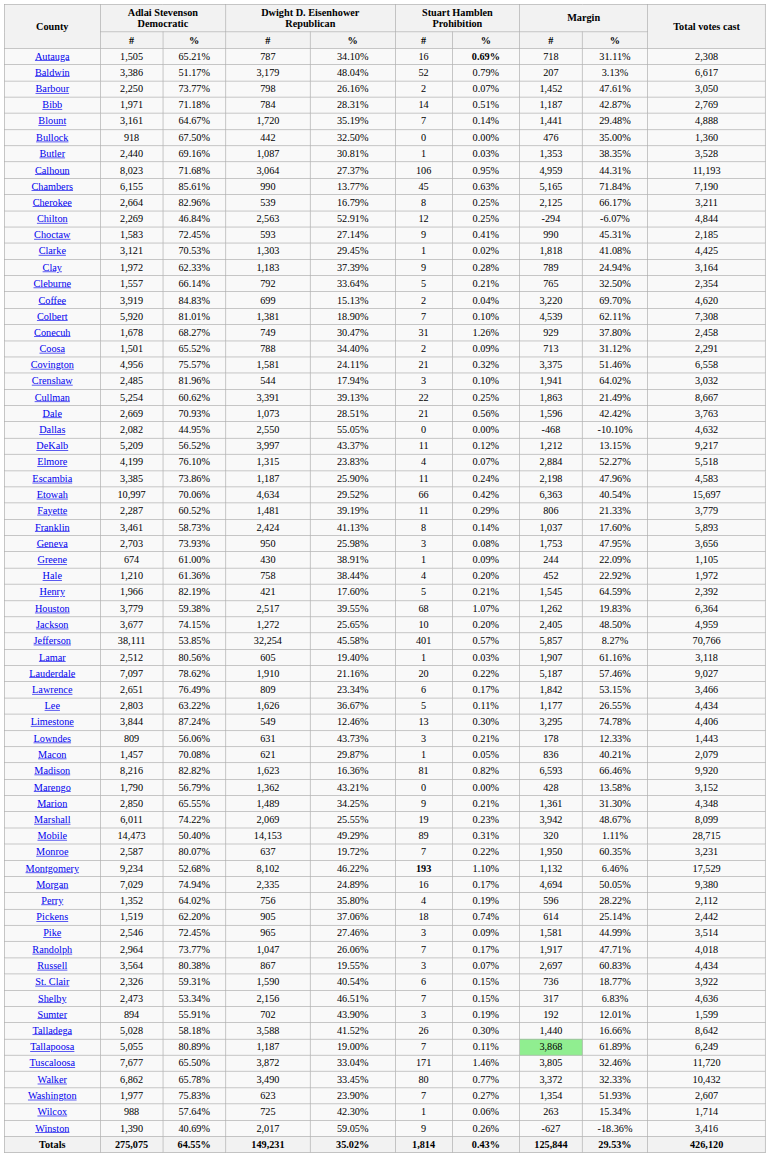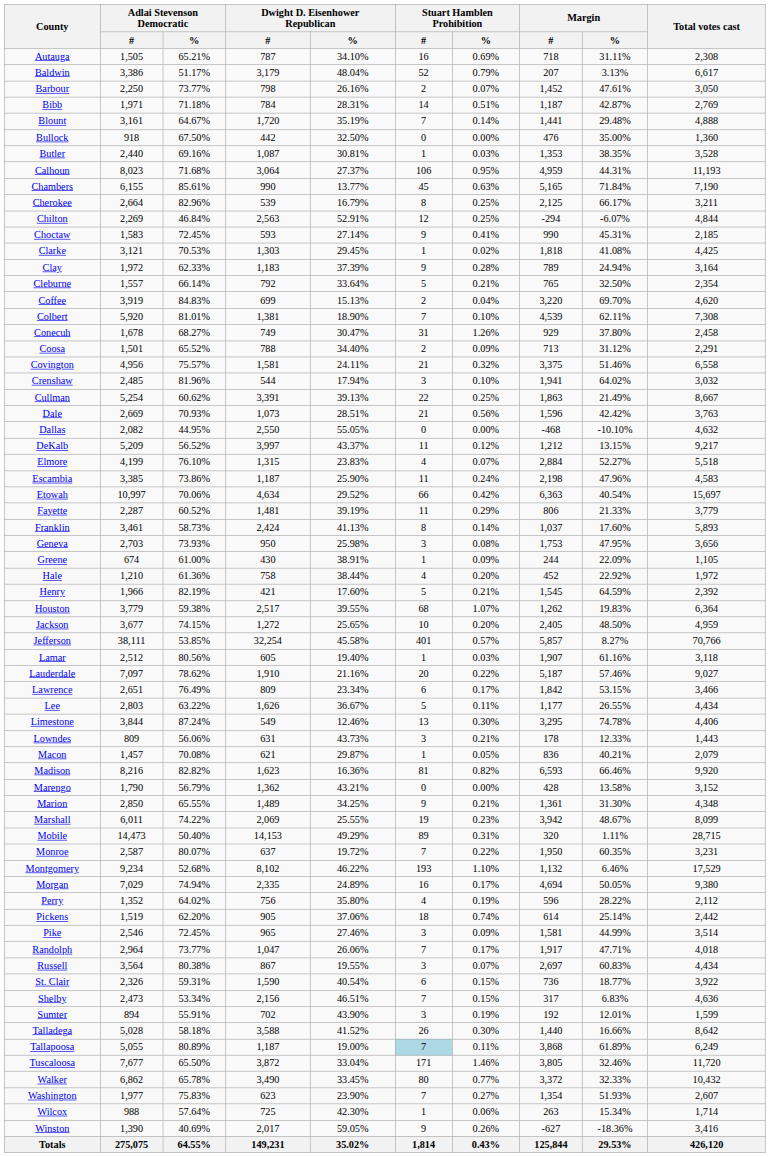 <table width="60%" class="wikitable sortable">
 <tr>
 <th rowspan="2">County</th>
 <th colspan="2">Adlai Stevenson<br>Democratic</th>
 <th colspan="2">Dwight D. Eisenhower<br>Republican</th>
 <th colspan="2">Stuart Hamblen<br>Prohibition</th>
 <th colspan="2">Margin</th>
 <th rowspan="2">Total votes cast</th>
 </tr>
 <tr>
 <th style="text-align:center;" data-sort-type="number">#</th>
 <th style="text-align:center;" data-sort-type="number">%</th>
 <th style="text-align:center;" data-sort-type="number">#</th>
 <th style="text-align:center;" data-sort-type="number">%</th>
 <th style="text-align:center;" data-sort-type="number">#</th>
 <th style="text-align:center;" data-sort-type="number">%</th>
 <th style="text-align:center;" data-sort-type="number">#</th>
 <th style="text-align:center;" data-sort-type="number">%</th>
 </tr>
 <tr style="text-align:center;">
 <td><a href='#'>Autauga</a></td>
 <td>1,505</td>
 <td>65.21%</td>
 <td>787</td>
 <td>34.10%</td>
 <td>16</td>
-<td><strong>0.69%</strong></td>
+<td>0.69%</td>
 <td>718</td>
 <td>31.11%</td>
 <td>2,308</td>
 </tr>
 <tr style="text-align:center;">
 <td><a href='#'>Baldwin</a></td>
 <td>3,386</td>
 <td>51.17%</td>
 <td>3,179</td>
 <td>48.04%</td>
 <td>52</td>
 <td>0.79%</td>
 <td>207</td>
 <td>3.13%</td>
 <td>6,617</td>
 </tr>
 <tr style="text-align:center;">
 <td><a href='#'>Barbour</a></td>
 <td>2,250</td>
 <td>73.77%</td>
 <td>798</td>
 <td>26.16%</td>
 <td>2</td>
 <td>0.07%</td>
 <td>1,452</td>
 <td>47.61%</td>
 <td>3,050</td>
 </tr>
 <tr style="text-align:center;">
 <td><a href='#'>Bibb</a></td>
 <td>1,971</td>
 <td>71.18%</td>
 <td>784</td>
 <td>28.31%</td>
 <td>14</td>
 <td>0.51%</td>
 <td>1,187</td>
 <td>42.87%</td>
 <td>2,769</td>
 </tr>
 <tr style="text-align:center;">
 <td><a href='#'>Blount</a></td>
 <td>3,161</td>
 <td>64.67%</td>
 <td>1,720</td>
 <td>35.19%</td>
 <td>7</td>
 <td>0.14%</td>
 <td>1,441</td>
 <td>29.48%</td>
 <td>4,888</td>
 </tr>
 <tr style="text-align:center;">
 <td><a href='#'>Bullock</a></td>
 <td>918</td>
 <td>67.50%</td>
 <td>442</td>
 <td>32.50%</td>
 <td>0</td>
 <td>0.00%</td>
 <td>476</td>
 <td>35.00%</td>
 <td>1,360</td>
 </tr>
 <tr style="text-align:center;">
 <td><a href='#'>Butler</a></td>
 <td>2,440</td>
 <td>69.16%</td>
 <td>1,087</td>
 <td>30.81%</td>
 <td>1</td>
 <td>0.03%</td>
 <td>1,353</td>
 <td>38.35%</td>
 <td>3,528</td>
 </tr>
 <tr style="text-align:center;">
 <td><a href='#'>Calhoun</a></td>
 <td>8,023</td>
 <td>71.68%</td>
 <td>3,064</td>
 <td>27.37%</td>
 <td>106</td>
 <td>0.95%</td>
 <td>4,959</td>
 <td>44.31%</td>
 <td>11,193</td>
 </tr>
 <tr style="text-align:center;">
 <td><a href='#'>Chambers</a></td>
 <td>6,155</td>
 <td>85.61%</td>
 <td>990</td>
 <td>13.77%</td>
 <td>45</td>
 <td>0.63%</td>
 <td>5,165</td>
 <td>71.84%</td>
 <td>7,190</td>
 </tr>
 <tr style="text-align:center;">
 <td><a href='#'>Cherokee</a></td>
 <td>2,664</td>
 <td>82.96%</td>
 <td>539</td>
 <td>16.79%</td>
 <td>8</td>
 <td>0.25%</td>
 <td>2,125</td>
 <td>66.17%</td>
 <td>3,211</td>
 </tr>
 <tr style="text-align:center;">
 <td><a href='#'>Chilton</a></td>
 <td>2,269</td>
 <td>46.84%</td>
 <td>2,563</td>
 <td>52.91%</td>
 <td>12</td>
 <td>0.25%</td>
 <td>-294</td>
 <td>-6.07%</td>
 <td>4,844</td>
 </tr>
 <tr style="text-align:center;">
 <td><a href='#'>Choctaw</a></td>
 <td>1,583</td>
 <td>72.45%</td>
 <td>593</td>
 <td>27.14%</td>
 <td>9</td>
 <td>0.41%</td>
 <td>990</td>
 <td>45.31%</td>
 <td>2,185</td>
 </tr>
 <tr style="text-align:center;">
 <td><a href='#'>Clarke</a></td>
 <td>3,121</td>
 <td>70.53%</td>
 <td>1,303</td>
 <td>29.45%</td>
 <td>1</td>
 <td>0.02%</td>
 <td>1,818</td>
 <td>41.08%</td>
 <td>4,425</td>
 </tr>
 <tr style="text-align:center;">
 <td><a href='#'>Clay</a></td>
 <td>1,972</td>
 <td>62.33%</td>
 <td>1,183</td>
 <td>37.39%</td>
 <td>9</td>
 <td>0.28%</td>
 <td>789</td>
 <td>24.94%</td>
 <td>3,164</td>
 </tr>
 <tr style="text-align:center;">
 <td><a href='#'>Cleburne</a></td>
 <td>1,557</td>
 <td>66.14%</td>
 <td>792</td>
 <td>33.64%</td>
 <td>5</td>
 <td>0.21%</td>
 <td>765</td>
 <td>32.50%</td>
 <td>2,354</td>
 </tr>
 <tr style="text-align:center;">
 <td><a href='#'>Coffee</a></td>
 <td>3,919</td>
 <td>84.83%</td>
 <td>699</td>
 <td>15.13%</td>
 <td>2</td>
 <td>0.04%</td>
 <td>3,220</td>
 <td>69.70%</td>
 <td>4,620</td>
 </tr>
 <tr style="text-align:center;">
 <td><a href='#'>Colbert</a></td>
 <td>5,920</td>
 <td>81.01%</td>
 <td>1,381</td>
 <td>18.90%</td>
 <td>7</td>
 <td>0.10%</td>
 <td>4,539</td>
 <td>62.11%</td>
 <td>7,308</td>
 </tr>
 <tr style="text-align:center;">
 <td><a href='#'>Conecuh</a></td>
 <td>1,678</td>
 <td>68.27%</td>
 <td>749</td>
 <td>30.47%</td>
 <td>31</td>
 <td>1.26%</td>
 <td>929</td>
 <td>37.80%</td>
 <td>2,458</td>
 </tr>
 <tr style="text-align:center;">
 <td><a href='#'>Coosa</a></td>
 <td>1,501</td>
 <td>65.52%</td>
 <td>788</td>
 <td>34.40%</td>
 <td>2</td>
 <td>0.09%</td>
 <td>713</td>
 <td>31.12%</td>
 <td>2,291</td>
 </tr>
 <tr style="text-align:center;">
 <td><a href='#'>Covington</a></td>
 <td>4,956</td>
 <td>75.57%</td>
 <td>1,581</td>
 <td>24.11%</td>
 <td>21</td>
 <td>0.32%</td>
 <td>3,375</td>
 <td>51.46%</td>
 <td>6,558</td>
 </tr>
 <tr style="text-align:center;">
 <td><a href='#'>Crenshaw</a></td>
 <td>2,485</td>
 <td>81.96%</td>
 <td>544</td>
 <td>17.94%</td>
 <td>3</td>
 <td>0.10%</td>
 <td>1,941</td>
 <td>64.02%</td>
 <td>3,032</td>
 </tr>
 <tr style="text-align:center;">
 <td><a href='#'>Cullman</a></td>
 <td>5,254</td>
 <td>60.62%</td>
 <td>3,391</td>
 <td>39.13%</td>
 <td>22</td>
 <td>0.25%</td>
 <td>1,863</td>
 <td>21.49%</td>
 <td>8,667</td>
 </tr>
 <tr style="text-align:center;">
 <td><a href='#'>Dale</a></td>
 <td>2,669</td>
 <td>70.93%</td>
 <td>1,073</td>
 <td>28.51%</td>
 <td>21</td>
 <td>0.56%</td>
 <td>1,596</td>
 <td>42.42%</td>
 <td>3,763</td>
 </tr>
 <tr style="text-align:center;">
 <td><a href='#'>Dallas</a></td>
 <td>2,082</td>
 <td>44.95%</td>
 <td>2,550</td>
 <td>55.05%</td>
 <td>0</td>
 <td>0.00%</td>
 <td>-468</td>
 <td>-10.10%</td>
 <td>4,632</td>
 </tr>
 <tr style="text-align:center;">
 <td><a href='#'>DeKalb</a></td>
 <td>5,209</td>
 <td>56.52%</td>
 <td>3,997</td>
 <td>43.37%</td>
 <td>11</td>
 <td>0.12%</td>
 <td>1,212</td>
 <td>13.15%</td>
 <td>9,217</td>
 </tr>
 <tr style="text-align:center;">
 <td><a href='#'>Elmore</a></td>
 <td>4,199</td>
 <td>76.10%</td>
 <td>1,315</td>
 <td>23.83%</td>
 <td>4</td>
 <td>0.07%</td>
 <td>2,884</td>
 <td>52.27%</td>
 <td>5,518</td>
 </tr>
 <tr style="text-align:center;">
 <td><a href='#'>Escambia</a></td>
 <td>3,385</td>
 <td>73.86%</td>
 <td>1,187</td>
 <td>25.90%</td>
 <td>11</td>
 <td>0.24%</td>
 <td>2,198</td>
 <td>47.96%</td>
 <td>4,583</td>
 </tr>
 <tr style="text-align:center;">
 <td><a href='#'>Etowah</a></td>
 <td>10,997</td>
 <td>70.06%</td>
 <td>4,634</td>
 <td>29.52%</td>
 <td>66</td>
 <td>0.42%</td>
 <td>6,363</td>
 <td>40.54%</td>
 <td>15,697</td>
 </tr>
 <tr style="text-align:center;">
 <td><a href='#'>Fayette</a></td>
 <td>2,287</td>
 <td>60.52%</td>
 <td>1,481</td>
 <td>39.19%</td>
 <td>11</td>
 <td>0.29%</td>
 <td>806</td>
 <td>21.33%</td>
 <td>3,779</td>
 </tr>
 <tr style="text-align:center;">
 <td><a href='#'>Franklin</a></td>
 <td>3,461</td>
 <td>58.73%</td>
 <td>2,424</td>
 <td>41.13%</td>
 <td>8</td>
 <td>0.14%</td>
 <td>1,037</td>
 <td>17.60%</td>
 <td>5,893</td>
 </tr>
 <tr style="text-align:center;">
 <td><a href='#'>Geneva</a></td>
 <td>2,703</td>
 <td>73.93%</td>
 <td>950</td>
 <td>25.98%</td>
 <td>3</td>
 <td>0.08%</td>
 <td>1,753</td>
 <td>47.95%</td>
 <td>3,656</td>
 </tr>
 <tr style="text-align:center;">
 <td><a href='#'>Greene</a></td>
 <td>674</td>
 <td>61.00%</td>
 <td>430</td>
 <td>38.91%</td>
 <td>1</td>
 <td>0.09%</td>
 <td>244</td>
 <td>22.09%</td>
 <td>1,105</td>
 </tr>
 <tr style="text-align:center;">
 <td><a href='#'>Hale</a></td>
 <td>1,210</td>
 <td>61.36%</td>
 <td>758</td>
 <td>38.44%</td>
 <td>4</td>
 <td>0.20%</td>
 <td>452</td>
 <td>22.92%</td>
 <td>1,972</td>
 </tr>
 <tr style="text-align:center;">
 <td><a href='#'>Henry</a></td>
 <td>1,966</td>
 <td>82.19%</td>
 <td>421</td>
 <td>17.60%</td>
 <td>5</td>
 <td>0.21%</td>
 <td>1,545</td>
 <td>64.59%</td>
 <td>2,392</td>
 </tr>
 <tr style="text-align:center;">
 <td><a href='#'>Houston</a></td>
 <td>3,779</td>
 <td>59.38%</td>
 <td>2,517</td>
 <td>39.55%</td>
 <td>68</td>
 <td>1.07%</td>
 <td>1,262</td>
 <td>19.83%</td>
 <td>6,364</td>
 </tr>
 <tr style="text-align:center;">
 <td><a href='#'>Jackson</a></td>
 <td>3,677</td>
 <td>74.15%</td>
 <td>1,272</td>
 <td>25.65%</td>
 <td>10</td>
 <td>0.20%</td>
 <td>2,405</td>
 <td>48.50%</td>
 <td>4,959</td>
 </tr>
 <tr style="text-align:center;">
 <td><a href='#'>Jefferson</a></td>
 <td>38,111</td>
 <td>53.85%</td>
 <td>32,254</td>
 <td>45.58%</td>
 <td>401</td>
 <td>0.57%</td>
 <td>5,857</td>
 <td>8.27%</td>
 <td>70,766</td>
 </tr>
 <tr style="text-align:center;">
 <td><a href='#'>Lamar</a></td>
 <td>2,512</td>
 <td>80.56%</td>
 <td>605</td>
 <td>19.40%</td>
 <td>1</td>
 <td>0.03%</td>
 <td>1,907</td>
 <td>61.16%</td>
 <td>3,118</td>
 </tr>
 <tr style="text-align:center;">
 <td><a href='#'>Lauderdale</a></td>
 <td>7,097</td>
 <td>78.62%</td>
 <td>1,910</td>
 <td>21.16%</td>
 <td>20</td>
 <td>0.22%</td>
 <td>5,187</td>
 <td>57.46%</td>
 <td>9,027</td>
 </tr>
 <tr style="text-align:center;">
 <td><a href='#'>Lawrence</a></td>
 <td>2,651</td>
 <td>76.49%</td>
 <td>809</td>
 <td>23.34%</td>
 <td>6</td>
 <td>0.17%</td>
 <td>1,842</td>
 <td>53.15%</td>
 <td>3,466</td>
 </tr>
 <tr style="text-align:center;">
 <td><a href='#'>Lee</a></td>
 <td>2,803</td>
 <td>63.22%</td>
 <td>1,626</td>
 <td>36.67%</td>
 <td>5</td>
 <td>0.11%</td>
 <td>1,177</td>
 <td>26.55%</td>
 <td>4,434</td>
 </tr>
 <tr style="text-align:center;">
 <td><a href='#'>Limestone</a></td>
 <td>3,844</td>
 <td>87.24%</td>
 <td>549</td>
 <td>12.46%</td>
 <td>13</td>
 <td>0.30%</td>
 <td>3,295</td>
 <td>74.78%</td>
 <td>4,406</td>
 </tr>
 <tr style="text-align:center;">
 <td><a href='#'>Lowndes</a></td>
 <td>809</td>
 <td>56.06%</td>
 <td>631</td>
 <td>43.73%</td>
 <td>3</td>
 <td>0.21%</td>
 <td>178</td>
 <td>12.33%</td>
 <td>1,443</td>
 </tr>
 <tr style="text-align:center;">
 <td><a href='#'>Macon</a></td>
 <td>1,457</td>
 <td>70.08%</td>
 <td>621</td>
 <td>29.87%</td>
 <td>1</td>
 <td>0.05%</td>
 <td>836</td>
 <td>40.21%</td>
 <td>2,079</td>
 </tr>
 <tr style="text-align:center;">
 <td><a href='#'>Madison</a></td>
 <td>8,216</td>
 <td>82.82%</td>
 <td>1,623</td>
 <td>16.36%</td>
 <td>81</td>
 <td>0.82%</td>
 <td>6,593</td>
 <td>66.46%</td>
 <td>9,920</td>
 </tr>
 <tr style="text-align:center;">
 <td><a href='#'>Marengo</a></td>
 <td>1,790</td>
 <td>56.79%</td>
 <td>1,362</td>
 <td>43.21%</td>
 <td>0</td>
 <td>0.00%</td>
 <td>428</td>
 <td>13.58%</td>
 <td>3,152</td>
 </tr>
 <tr style="text-align:center;">
 <td><a href='#'>Marion</a></td>
 <td>2,850</td>
 <td>65.55%</td>
 <td>1,489</td>
 <td>34.25%</td>
 <td>9</td>
 <td>0.21%</td>
 <td>1,361</td>
 <td>31.30%</td>
 <td>4,348</td>
 </tr>
 <tr style="text-align:center;">
 <td><a href='#'>Marshall</a></td>
 <td>6,011</td>
 <td>74.22%</td>
 <td>2,069</td>
 <td>25.55%</td>
 <td>19</td>
 <td>0.23%</td>
 <td>3,942</td>
 <td>48.67%</td>
 <td>8,099</td>
 </tr>
 <tr style="text-align:center;">
 <td><a href='#'>Mobile</a></td>
 <td>14,473</td>
 <td>50.40%</td>
 <td>14,153</td>
 <td>49.29%</td>
 <td>89</td>
 <td>0.31%</td>
 <td>320</td>
 <td>1.11%</td>
 <td>28,715</td>
 </tr>
 <tr style="text-align:center;">
 <td><a href='#'>Monroe</a></td>
 <td>2,587</td>
 <td>80.07%</td>
 <td>637</td>
 <td>19.72%</td>
 <td>7</td>
 <td>0.22%</td>
 <td>1,950</td>
 <td>60.35%</td>
 <td>3,231</td>
 </tr>
 <tr style="text-align:center;">
 <td><a href='#'>Montgomery</a></td>
 <td>9,234</td>
 <td>52.68%</td>
 <td>8,102</td>
 <td>46.22%</td>
-<td><strong>193</strong></td>
+<td>193</td>
 <td>1.10%</td>
 <td>1,132</td>
 <td>6.46%</td>
 <td>17,529</td>
 </tr>
 <tr style="text-align:center;">
 <td><a href='#'>Morgan</a></td>
 <td>7,029</td>
 <td>74.94%</td>
 <td>2,335</td>
 <td>24.89%</td>
 <td>16</td>
 <td>0.17%</td>
 <td>4,694</td>
 <td>50.05%</td>
 <td>9,380</td>
 </tr>
 <tr style="text-align:center;">
 <td><a href='#'>Perry</a></td>
 <td>1,352</td>
 <td>64.02%</td>
 <td>756</td>
 <td>35.80%</td>
 <td>4</td>
 <td>0.19%</td>
 <td>596</td>
 <td>28.22%</td>
 <td>2,112</td>
 </tr>
 <tr style="text-align:center;">
 <td><a href='#'>Pickens</a></td>
 <td>1,519</td>
 <td>62.20%</td>
 <td>905</td>
 <td>37.06%</td>
 <td>18</td>
 <td>0.74%</td>
 <td>614</td>
 <td>25.14%</td>
 <td>2,442</td>
 </tr>
 <tr style="text-align:center;">
 <td><a href='#'>Pike</a></td>
 <td>2,546</td>
 <td>72.45%</td>
 <td>965</td>
 <td>27.46%</td>
 <td>3</td>
 <td>0.09%</td>
 <td>1,581</td>
 <td>44.99%</td>
 <td>3,514</td>
 </tr>
 <tr style="text-align:center;">
 <td><a href='#'>Randolph</a></td>
 <td>2,964</td>
 <td>73.77%</td>
 <td>1,047</td>
 <td>26.06%</td>
 <td>7</td>
 <td>0.17%</td>
 <td>1,917</td>
 <td>47.71%</td>
 <td>4,018</td>
 </tr>
 <tr style="text-align:center;">
 <td><a href='#'>Russell</a></td>
 <td>3,564</td>
 <td>80.38%</td>
 <td>867</td>
 <td>19.55%</td>
 <td>3</td>
 <td>0.07%</td>
 <td>2,697</td>
 <td>60.83%</td>
 <td>4,434</td>
 </tr>
 <tr style="text-align:center;">
 <td><a href='#'>St. Clair</a></td>
 <td>2,326</td>
 <td>59.31%</td>
 <td>1,590</td>
 <td>40.54%</td>
 <td>6</td>
 <td>0.15%</td>
 <td>736</td>
 <td>18.77%</td>
 <td>3,922</td>
 </tr>
 <tr style="text-align:center;">
 <td><a href='#'>Shelby</a></td>
 <td>2,473</td>
 <td>53.34%</td>
 <td>2,156</td>
 <td>46.51%</td>
 <td>7</td>
 <td>0.15%</td>
 <td>317</td>
 <td>6.83%</td>
 <td>4,636</td>
 </tr>
 <tr style="text-align:center;">
 <td><a href='#'>Sumter</a></td>
 <td>894</td>
 <td>55.91%</td>
 <td>702</td>
 <td>43.90%</td>
 <td>3</td>
 <td>0.19%</td>
 <td>192</td>
 <td>12.01%</td>
 <td>1,599</td>
 </tr>
 <tr style="text-align:center;">
 <td><a href='#'>Talladega</a></td>
 <td>5,028</td>
 <td>58.18%</td>
 <td>3,588</td>
 <td>41.52%</td>
 <td>26</td>
 <td>0.30%</td>
 <td>1,440</td>
 <td>16.66%</td>
 <td>8,642</td>
 </tr>
 <tr style="text-align:center;">
 <td><a href='#'>Tallapoosa</a></td>
 <td>5,055</td>
 <td>80.89%</td>
 <td>1,187</td>
 <td>19.00%</td>
-<td>7</td>
+<td style="background: lightblue;">7</td>
 <td>0.11%</td>
-<td style="background: lightgreen;">3,868</td>
+<td>3,868</td>
 <td>61.89%</td>
 <td>6,249</td>
 </tr>
 <tr style="text-align:center;">
 <td><a href='#'>Tuscaloosa</a></td>
 <td>7,677</td>
 <td>65.50%</td>
 <td>3,872</td>
 <td>33.04%</td>
 <td>171</td>
 <td>1.46%</td>
 <td>3,805</td>
 <td>32.46%</td>
 <td>11,720</td>
 </tr>
 <tr style="text-align:center;">
 <td><a href='#'>Walker</a></td>
 <td>6,862</td>
 <td>65.78%</td>
 <td>3,490</td>
 <td>33.45%</td>
 <td>80</td>
 <td>0.77%</td>
 <td>3,372</td>
 <td>32.33%</td>
 <td>10,432</td>
 </tr>
 <tr style="text-align:center;">
 <td><a href='#'>Washington</a></td>
 <td>1,977</td>
 <td>75.83%</td>
 <td>623</td>
 <td>23.90%</td>
 <td>7</td>
 <td>0.27%</td>
 <td>1,354</td>
 <td>51.93%</td>
 <td>2,607</td>
 </tr>
 <tr style="text-align:center;">
 <td><a href='#'>Wilcox</a></td>
 <td>988</td>
 <td>57.64%</td>
 <td>725</td>
 <td>42.30%</td>
 <td>1</td>
 <td>0.06%</td>
 <td>263</td>
 <td>15.34%</td>
 <td>1,714</td>
 </tr>
 <tr style="text-align:center;">
 <td><a href='#'>Winston</a></td>
 <td>1,390</td>
 <td>40.69%</td>
 <td>2,017</td>
 <td>59.05%</td>
 <td>9</td>
 <td>0.26%</td>
 <td>-627</td>
 <td>-18.36%</td>
 <td>3,416</td>
 </tr>
 <tr style="text-align:center;">
 <th>Totals</th>
 <th>275,075</th>
 <th>64.55%</th>
 <th>149,231</th>
 <th>35.02%</th>
 <th>1,814</th>
 <th>0.43%</th>
 <th>125,844</th>
 <th>29.53%</th>
 <th>426,120</th>
 </tr>
 </table>
